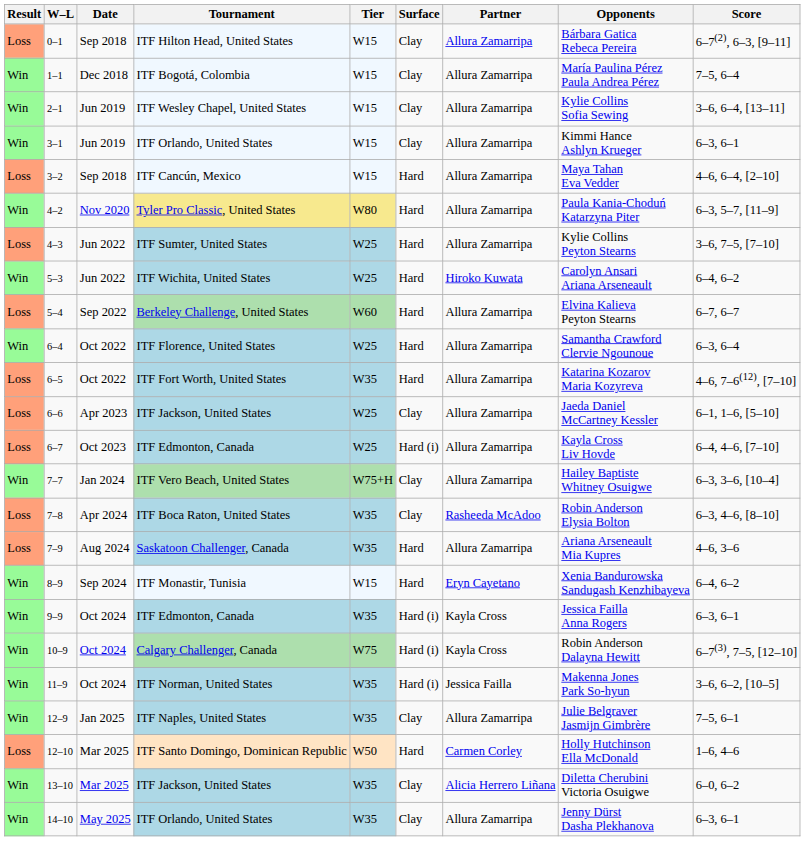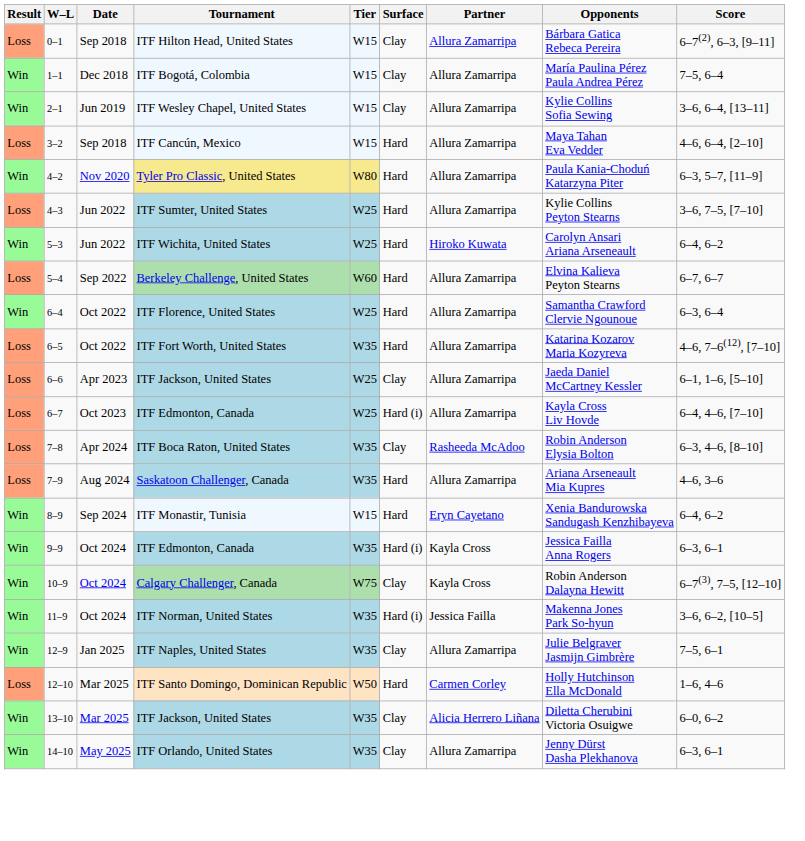 <table class="sortable wikitable">
 <tr>
 <th>Result</th>
 <th class="unsortable">W–L</th>
 <th>Date</th>
 <th>Tournament</th>
 <th>Tier</th>
 <th>Surface</th>
 <th>Partner</th>
 <th>Opponents</th>
 <th class="unsortable">Score</th>
 </tr>
 <tr>
 <td style="background:#ffa07a;">Loss</td>
 <td><small>0–1</small></td>
 <td>Sep 2018</td>
 <td style="background:#f0f8ff;">ITF Hilton Head, United States</td>
 <td style="background:#f0f8ff;">W15</td>
 <td>Clay</td>
 <td> <a href='#'>Allura Zamarripa</a></td>
 <td> <a href='#'>Bárbara Gatica</a> <br>  <a href='#'>Rebeca Pereira</a></td>
 <td>6–7<sup>(2)</sup>, 6–3, [9–11]</td>
 </tr>
 <tr>
 <td style="background:#98fb98;">Win</td>
 <td><small>1–1</small></td>
 <td>Dec 2018</td>
 <td style="background:#f0f8ff;">ITF Bogotá, Colombia</td>
 <td style="background:#f0f8ff;">W15</td>
 <td>Clay</td>
 <td> Allura Zamarripa</td>
 <td> <a href='#'>María Paulina Pérez</a> <br>  <a href='#'>Paula Andrea Pérez</a></td>
 <td>7–5, 6–4</td>
 </tr>
 <tr>
 <td style="background:#98fb98;">Win</td>
 <td><small>2–1</small></td>
 <td>Jun 2019</td>
 <td style="background:#f0f8ff;">ITF Wesley Chapel, United States</td>
 <td style="background:#f0f8ff;">W15</td>
 <td>Clay</td>
 <td> Allura Zamarripa</td>
 <td> <a href='#'>Kylie Collins</a> <br>  <a href='#'>Sofia Sewing</a></td>
 <td>3–6, 6–4, [13–11]</td>
-</tr>
-<tr>
-<td style="background:#98fb98;">Win</td>
-<td><small>3–1</small></td>
-<td>Jun 2019</td>
-<td style="background:#f0f8ff;">ITF Orlando, United States</td>
-<td style="background:#f0f8ff;">W15</td>
-<td>Clay</td>
-<td> Allura Zamarripa</td>
-<td> Kimmi Hance <br>  <a href='#'>Ashlyn Krueger</a></td>
-<td>6–3, 6–1</td>
 </tr>
 <tr>
 <td style="background:#ffa07a;">Loss</td>
 <td><small>3–2</small></td>
 <td>Sep 2018</td>
 <td style="background:#f0f8ff;">ITF Cancún, Mexico</td>
 <td style="background:#f0f8ff;">W15</td>
 <td>Hard</td>
 <td> Allura Zamarripa</td>
 <td> <a href='#'>Maya Tahan</a> <br>  <a href='#'>Eva Vedder</a></td>
 <td>4–6, 6–4, [2–10]</td>
 </tr>
 <tr>
 <td style="background:#98fb98;">Win</td>
 <td><small>4–2</small></td>
 <td><a href='#'>Nov 2020</a></td>
 <td style="background:#f7e98e;"><a href='#'>Tyler Pro Classic</a>, United States</td>
 <td style="background:#f7e98e;">W80</td>
 <td>Hard</td>
 <td> Allura Zamarripa</td>
 <td> <a href='#'>Paula Kania-Choduń</a> <br>  <a href='#'>Katarzyna Piter</a></td>
 <td>6–3, 5–7, [11–9]</td>
 </tr>
 <tr>
 <td style="background:#ffa07a;">Loss</td>
 <td><small>4–3</small></td>
 <td>Jun 2022</td>
 <td style="background:lightblue;">ITF Sumter, United States</td>
 <td style="background:lightblue;">W25</td>
 <td>Hard</td>
 <td> Allura Zamarripa</td>
 <td> Kylie Collins <br>  <a href='#'>Peyton Stearns</a></td>
 <td>3–6, 7–5, [7–10]</td>
 </tr>
 <tr>
 <td style="background:#98fb98;">Win</td>
 <td><small>5–3</small></td>
 <td>Jun 2022</td>
 <td style="background:lightblue;">ITF Wichita, United States</td>
 <td style="background:lightblue;">W25</td>
 <td>Hard</td>
 <td> <a href='#'>Hiroko Kuwata</a></td>
 <td> <a href='#'>Carolyn Ansari</a> <br>  <a href='#'>Ariana Arseneault</a></td>
 <td>6–4, 6–2</td>
 </tr>
 <tr>
 <td style="background:#ffa07a;">Loss</td>
 <td><small>5–4</small></td>
 <td>Sep 2022</td>
 <td style="background:#addfad;"><a href='#'>Berkeley Challenge</a>, United States</td>
 <td style="background:#addfad;">W60</td>
 <td>Hard</td>
 <td> Allura Zamarripa</td>
 <td> <a href='#'>Elvina Kalieva</a> <br>  Peyton Stearns</td>
 <td>6–7, 6–7</td>
 </tr>
 <tr>
 <td style="background:#98fb98;">Win</td>
 <td><small>6–4</small></td>
 <td>Oct 2022</td>
 <td style="background:lightblue;">ITF Florence, United States</td>
 <td style="background:lightblue;">W25</td>
 <td>Hard</td>
 <td> Allura Zamarripa</td>
 <td> <a href='#'>Samantha Crawford</a> <br>  <a href='#'>Clervie Ngounoue</a></td>
 <td>6–3, 6–4</td>
 </tr>
 <tr>
 <td style="background:#ffa07a;">Loss</td>
 <td><small>6–5</small></td>
 <td>Oct 2022</td>
 <td style="background:lightblue;">ITF Fort Worth, United States</td>
 <td style="background:lightblue;">W35</td>
 <td>Hard</td>
 <td> Allura Zamarripa</td>
 <td> <a href='#'>Katarina Kozarov</a> <br>  <a href='#'>Maria Kozyreva</a></td>
 <td>4–6, 7–6<sup>(12)</sup>, [7–10]</td>
 </tr>
 <tr>
 <td style="background:#ffa07a;">Loss</td>
 <td><small>6–6</small></td>
 <td>Apr 2023</td>
 <td style="background:lightblue;">ITF Jackson, United States</td>
 <td style="background:lightblue;">W25</td>
 <td>Clay</td>
 <td> Allura Zamarripa</td>
 <td> <a href='#'>Jaeda Daniel</a> <br>  <a href='#'>McCartney Kessler</a></td>
 <td>6–1, 1–6, [5–10]</td>
 </tr>
 <tr>
 <td style="background:#ffa07a;">Loss</td>
 <td><small>6–7</small></td>
 <td>Oct 2023</td>
 <td style="background:lightblue;">ITF Edmonton, Canada</td>
 <td style="background:lightblue;">W25</td>
 <td>Hard (i)</td>
 <td> Allura Zamarripa</td>
 <td> <a href='#'>Kayla Cross</a> <br>  <a href='#'>Liv Hovde</a></td>
 <td>6–4, 4–6, [7–10]</td>
 </tr>
 <tr>
-<td style="background:#98fb98;">Win</td>
-<td><small>7–7</small></td>
-<td>Jan 2024</td>
-<td style="background:#addfad;">ITF Vero Beach, United States</td>
-<td style="background:#addfad;">W75+H</td>
-<td>Clay</td>
-<td> Allura Zamarripa</td>
-<td> <a href='#'>Hailey Baptiste</a> <br>  <a href='#'>Whitney Osuigwe</a></td>
-<td>6–3, 3–6, [10–4]</td>
-</tr>
-<tr>
 <td style="background:#ffa07a;">Loss</td>
 <td><small>7–8</small></td>
 <td>Apr 2024</td>
 <td style="background:lightblue;">ITF Boca Raton, United States</td>
 <td style="background:lightblue;">W35</td>
 <td>Clay</td>
 <td> <a href='#'>Rasheeda McAdoo</a></td>
 <td> <a href='#'>Robin Anderson</a> <br>  <a href='#'>Elysia Bolton</a></td>
 <td>6–3, 4–6, [8–10]</td>
 </tr>
 <tr>
 <td style="background:#ffa07a;">Loss</td>
 <td><small>7–9</small></td>
 <td>Aug 2024</td>
 <td style="background:lightblue;"><a href='#'>Saskatoon Challenger</a>, Canada</td>
 <td style="background:lightblue;">W35</td>
 <td>Hard</td>
 <td> Allura Zamarripa</td>
 <td> <a href='#'>Ariana Arseneault</a> <br>  <a href='#'>Mia Kupres</a></td>
 <td>4–6, 3–6</td>
 </tr>
 <tr>
 <td style="background:#98fb98;">Win</td>
 <td><small>8–9</small></td>
 <td>Sep 2024</td>
 <td style="background:#f0f8ff;">ITF Monastir, Tunisia</td>
 <td style="background:#f0f8ff;">W15</td>
 <td>Hard</td>
 <td> <a href='#'>Eryn Cayetano</a></td>
 <td> <a href='#'>Xenia Bandurowska</a> <br>  <a href='#'>Sandugash Kenzhibayeva</a></td>
 <td>6–4, 6–2</td>
 </tr>
 <tr>
 <td style="background:#98fb98;">Win</td>
 <td><small>9–9</small></td>
 <td>Oct 2024</td>
 <td style="background:lightblue;">ITF Edmonton, Canada</td>
 <td style="background:lightblue;">W35</td>
 <td>Hard (i)</td>
 <td> Kayla Cross</td>
 <td> <a href='#'>Jessica Failla</a> <br>  <a href='#'>Anna Rogers</a></td>
 <td>6–3, 6–1</td>
 </tr>
 <tr>
 <td style="background:#98fb98;">Win</td>
 <td><small>10–9</small></td>
 <td><a href='#'>Oct 2024</a></td>
 <td style="background:#addfad;"><a href='#'>Calgary Challenger</a>, Canada</td>
 <td style="background:#addfad;">W75</td>
-<td>Hard (i)</td>
+<td>Clay</td>
 <td> Kayla Cross</td>
 <td> Robin Anderson <br> <a href='#'>Dalayna Hewitt</a></td>
 <td>6–7<sup>(3)</sup>, 7–5, [12–10]</td>
 </tr>
 <tr>
 <td style="background:#98fb98;">Win</td>
 <td><small>11–9</small></td>
 <td>Oct 2024</td>
 <td style="background:lightblue;">ITF Norman, United States</td>
 <td style="background:lightblue;">W35</td>
 <td>Hard (i)</td>
 <td> Jessica Failla</td>
 <td> <a href='#'>Makenna Jones</a> <br>  <a href='#'>Park So-hyun</a></td>
 <td>3–6, 6–2, [10–5]</td>
 </tr>
 <tr>
 <td style="background:#98fb98;">Win</td>
 <td><small>12–9</small></td>
 <td>Jan 2025</td>
 <td style="background:lightblue;">ITF Naples, United States</td>
 <td style="background:lightblue;">W35</td>
 <td>Clay</td>
 <td> Allura Zamarripa</td>
 <td> <a href='#'>Julie Belgraver</a> <br>  <a href='#'>Jasmijn Gimbrère</a></td>
 <td>7–5, 6–1</td>
 </tr>
 <tr>
 <td style="background:#ffa07a;">Loss</td>
 <td><small>12–10</small></td>
 <td>Mar 2025</td>
 <td style="background:#ffe4c4;">ITF Santo Domingo, Dominican Republic</td>
 <td style="background:#ffe4c4;">W50</td>
 <td>Hard</td>
 <td> <a href='#'>Carmen Corley</a></td>
 <td> <a href='#'>Holly Hutchinson</a><br> <a href='#'>Ella McDonald</a></td>
 <td>1–6, 4–6</td>
 </tr>
 <tr>
 <td style="background:#98fb98;">Win</td>
 <td><small>13–10</small></td>
 <td><a href='#'>Mar 2025</a></td>
 <td style="background:lightblue">ITF Jackson, United States</td>
 <td style="background:lightblue">W35</td>
 <td>Clay</td>
 <td> <a href='#'>Alicia Herrero Liñana</a></td>
 <td> <a href='#'>Diletta Cherubini</a> <br>  Victoria Osuigwe</td>
 <td>6–0, 6–2</td>
 </tr>
 <tr>
 <td style="background:#98fb98;">Win</td>
 <td><small>14–10</small></td>
 <td><a href='#'>May 2025</a></td>
 <td style="background:lightblue;">ITF Orlando, United States</td>
 <td style="background:lightblue;">W35</td>
 <td>Clay</td>
 <td> Allura Zamarripa</td>
 <td> <a href='#'>Jenny Dürst</a> <br>  <a href='#'>Dasha Plekhanova</a></td>
 <td>6–3, 6–1</td>
 </tr>
 </table>
